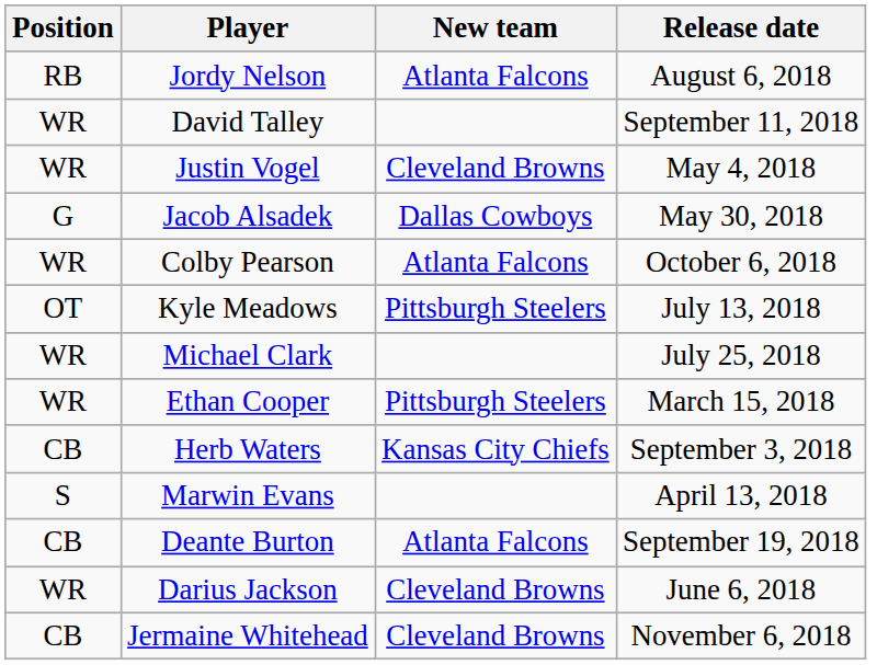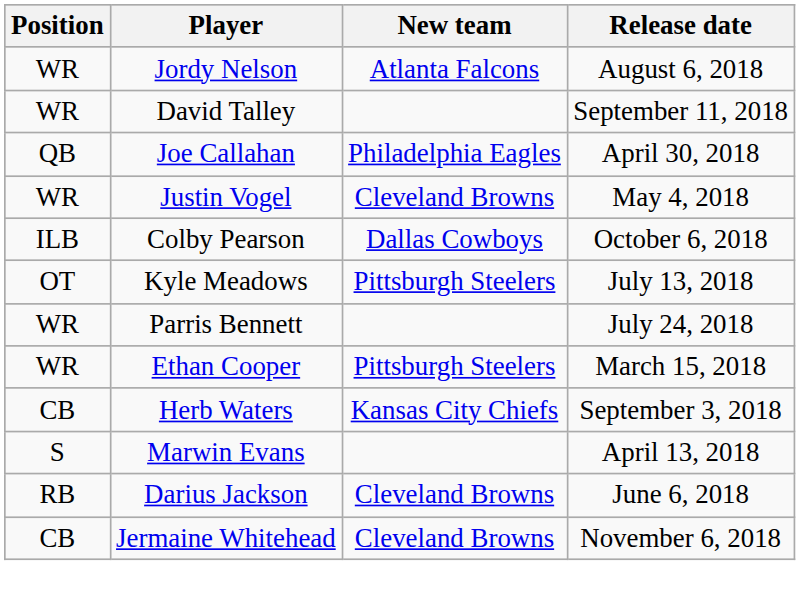 <table class="wikitable" style="text-align:center">
 <tr>
 <th>Position</th>
 <th>Player</th>
 <th>New team</th>
 <th>Release date</th>
 </tr>
 <tr>
-<td>RB</td>
+<td>WR</td>
 <td><a href='#'>Jordy Nelson</a></td>
 <td><a href='#'>Atlanta Falcons</a></td>
 <td>August 6, 2018</td>
 </tr>
 <tr>
 <td>WR</td>
 <td>David Talley</td>
 <td></td>
 <td>September 11, 2018</td>
 </tr>
 <tr>
+<td>QB</td>
+<td><a href='#'>Joe Callahan</a></td>
+<td><a href='#'>Philadelphia Eagles</a></td>
+<td>April 30, 2018</td>
+</tr>
+<tr>
 <td>WR</td>
 <td><a href='#'>Justin Vogel</a></td>
 <td><a href='#'>Cleveland Browns</a></td>
 <td>May 4, 2018</td>
 </tr>
 <tr>
-<td>G</td>
-<td><a href='#'>Jacob Alsadek</a></td>
+<td>ILB</td>
+<td>Colby Pearson</td>
 <td><a href='#'>Dallas Cowboys</a></td>
-<td>May 30, 2018</td>
-</tr>
-<tr>
-<td>WR</td>
-<td>Colby Pearson</td>
-<td><a href='#'>Atlanta Falcons</a></td>
 <td>October 6, 2018</td>
 </tr>
 <tr>
 <td>OT</td>
 <td>Kyle Meadows</td>
 <td><a href='#'>Pittsburgh Steelers</a></td>
 <td>July 13, 2018</td>
 </tr>
 <tr>
 <td>WR</td>
-<td><a href='#'>Michael Clark</a></td>
+<td>Parris Bennett</td>
 <td></td>
-<td>July 25, 2018</td>
+<td>July 24, 2018</td>
 </tr>
 <tr>
 <td>WR</td>
 <td><a href='#'>Ethan Cooper</a></td>
 <td><a href='#'>Pittsburgh Steelers</a></td>
 <td>March 15, 2018</td>
 </tr>
 <tr>
 <td>CB</td>
 <td><a href='#'>Herb Waters</a></td>
 <td><a href='#'>Kansas City Chiefs</a></td>
 <td>September 3, 2018</td>
 </tr>
 <tr>
 <td>S</td>
 <td><a href='#'>Marwin Evans</a></td>
 <td></td>
 <td>April 13, 2018</td>
 </tr>
 <tr>
-<td>CB</td>
-<td><a href='#'>Deante Burton</a></td>
-<td><a href='#'>Atlanta Falcons</a></td>
-<td>September 19, 2018</td>
-</tr>
-<tr>
-<td>WR</td>
+<td>RB</td>
 <td><a href='#'>Darius Jackson</a></td>
 <td><a href='#'>Cleveland Browns</a></td>
 <td>June 6, 2018</td>
 </tr>
 <tr>
 <td>CB</td>
 <td><a href='#'>Jermaine Whitehead</a></td>
 <td><a href='#'>Cleveland Browns</a></td>
 <td>November 6, 2018</td>
 </tr>
 </table>
